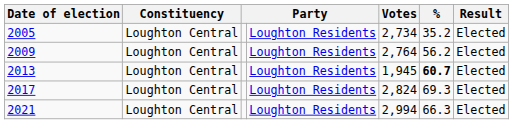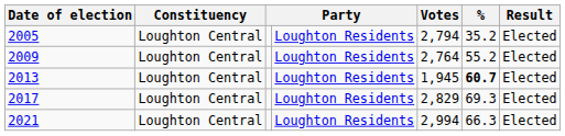 <table class="wikitable">
 <tr>
 <th>Date of election</th>
 <th>Constituency</th>
 <th colspan="2">Party</th>
 <th>Votes</th>
 <th>%</th>
 <th>Result</th>
 </tr>
 <tr>
 <td><a href='#'>2005</a></td>
 <td>Loughton Central</td>
 <td style="background-color: "></td>
 <td><a href='#'>Loughton Residents</a></td>
-<td>2,734</td>
+<td>2,794</td>
 <td>35.2</td>
 <td>Elected</td>
 </tr>
 <tr>
 <td><a href='#'>2009</a></td>
 <td>Loughton Central</td>
 <td style="background-color: "></td>
 <td><a href='#'>Loughton Residents</a></td>
 <td>2,764</td>
-<td>56.2</td>
+<td>55.2</td>
 <td>Elected</td>
 </tr>
 <tr>
 <td><a href='#'>2013</a></td>
 <td>Loughton Central</td>
 <td style="background-color: "></td>
 <td><a href='#'>Loughton Residents</a></td>
 <td>1,945</td>
 <td><strong>60.7</strong></td>
 <td>Elected</td>
 </tr>
 <tr>
 <td><a href='#'>2017</a></td>
 <td>Loughton Central</td>
 <td style="background-color: "></td>
 <td><a href='#'>Loughton Residents</a></td>
-<td>2,824</td>
+<td>2,829</td>
 <td>69.3</td>
 <td>Elected</td>
 </tr>
 <tr>
 <td><a href='#'>2021</a></td>
 <td>Loughton Central</td>
 <td style="background-color: "></td>
 <td><a href='#'>Loughton Residents</a></td>
 <td>2,994</td>
 <td>66.3</td>
 <td>Elected</td>
 </tr>
 </table>
